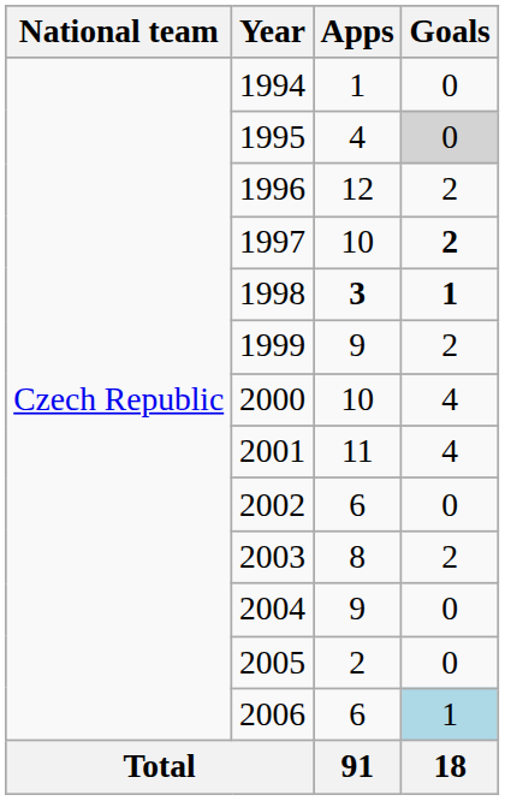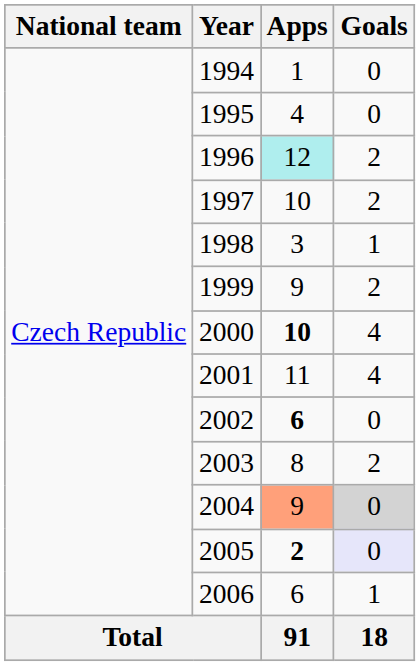 <table class="wikitable" style="text-align:center">
 <tr>
 <th>National team</th>
 <th>Year</th>
 <th>Apps</th>
 <th>Goals</th>
 </tr>
 <tr>
 <td rowspan="13"><a href='#'>Czech Republic</a></td>
 <td>1994</td>
 <td>1</td>
 <td>0</td>
 </tr>
 <tr>
 <td>1995</td>
 <td>4</td>
-<td style="background: lightgrey;">0</td>
+<td>0</td>
 </tr>
 <tr>
 <td>1996</td>
-<td>12</td>
+<td style="background: paleturquoise;">12</td>
 <td>2</td>
 </tr>
 <tr>
 <td>1997</td>
 <td>10</td>
-<td><strong>2</strong></td>
+<td>2</td>
 </tr>
 <tr>
 <td>1998</td>
-<td><strong>3</strong></td>
-<td><strong>1</strong></td>
+<td>3</td>
+<td>1</td>
 </tr>
 <tr>
 <td>1999</td>
 <td>9</td>
 <td>2</td>
 </tr>
 <tr>
 <td>2000</td>
-<td>10</td>
+<td><strong>10</strong></td>
 <td>4</td>
 </tr>
 <tr>
 <td>2001</td>
 <td>11</td>
 <td>4</td>
 </tr>
 <tr>
 <td>2002</td>
-<td>6</td>
+<td><strong>6</strong></td>
 <td>0</td>
 </tr>
 <tr>
 <td>2003</td>
 <td>8</td>
 <td>2</td>
 </tr>
 <tr>
 <td>2004</td>
-<td>9</td>
-<td>0</td>
+<td style="background: lightsalmon;">9</td>
+<td style="background: lightgrey;">0</td>
 </tr>
 <tr>
 <td>2005</td>
-<td>2</td>
-<td>0</td>
+<td><strong>2</strong></td>
+<td style="background: lavender;">0</td>
 </tr>
 <tr>
 <td>2006</td>
 <td>6</td>
-<td style="background: lightblue;">1</td>
+<td>1</td>
 </tr>
 <tr>
 <th colspan="2">Total</th>
 <th>91</th>
 <th>18</th>
 </tr>
 </table>
